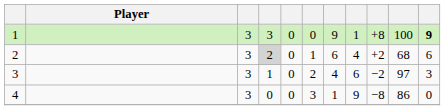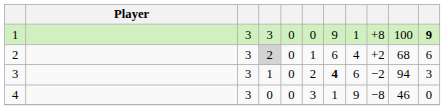 <table class="wikitable" style="text-align:center;">
 <tr>
 <th width=20></th>
 <th width=260>Player</th>
 <th width=20></th>
 <th width=20></th>
 <th width=20></th>
 <th width=20></th>
 <th width=20></th>
 <th width=20></th>
 <th width=20></th>
 <th width=30></th>
 <th width=20></th>
 </tr>
 <tr style="background:#D0F0C0;">
 <td>1</td>
 <td align=left> <small></small></td>
 <td>3</td>
 <td>3</td>
 <td>0</td>
 <td>0</td>
 <td>9</td>
 <td>1</td>
 <td>+8</td>
 <td>100</td>
 <td><strong>9</strong></td>
 </tr>
 <tr>
 <td>2</td>
 <td align=left> <small></small></td>
 <td>3</td>
 <td style="background: lightgrey;">2</td>
 <td>0</td>
 <td>1</td>
 <td>6</td>
 <td>4</td>
 <td>+2</td>
 <td>68</td>
 <td>6</td>
 </tr>
 <tr>
 <td>3</td>
 <td align=left> <small></small></td>
 <td>3</td>
 <td>1</td>
 <td>0</td>
 <td>2</td>
-<td>4</td>
+<td><strong>4</strong></td>
 <td>6</td>
 <td>−2</td>
-<td>97</td>
+<td>94</td>
 <td>3</td>
 </tr>
 <tr>
 <td>4</td>
 <td align=left> <small></small></td>
 <td>3</td>
 <td>0</td>
 <td>0</td>
 <td>3</td>
 <td>1</td>
 <td>9</td>
 <td>−8</td>
-<td>86</td>
+<td>46</td>
 <td>0</td>
 </tr>
 <tr>
 </tr>
 </table>
